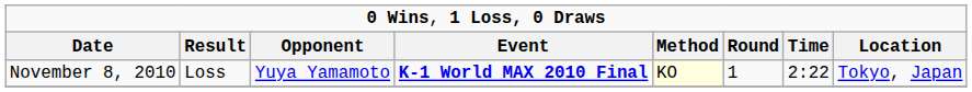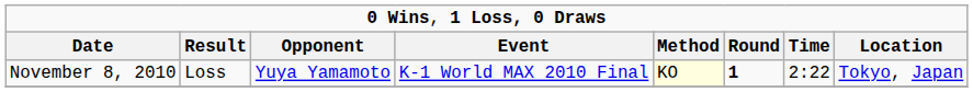 <table class="wikitable" style="margin:0.5em auto; font-size:85%">
 <tr>
 <td style="text-align: center" colspan=8><strong>0 Wins</strong>, <strong>1 Loss, 0 Draws</strong></td>
 </tr>
 <tr>
 <th>Date</th>
 <th>Result</th>
 <th>Opponent</th>
 <th>Event</th>
 <th>Method</th>
 <th>Round</th>
 <th>Time</th>
 <th>Location</th>
 </tr>
 <tr>
 <td>November 8, 2010</td>
 <td>Loss</td>
 <td> <a href='#'>Yuya Yamamoto</a></td>
-<td><strong><a href='#'>K-1 World MAX 2010 Final</a></strong></td>
+<td><a href='#'>K-1 World MAX 2010 Final</a></td>
 <td style="background: lightyellow;">KO</td>
-<td>1</td>
+<td><strong>1</strong></td>
 <td>2:22</td>
 <td> <a href='#'>Tokyo</a>, <a href='#'>Japan</a></td>
 </tr>
 <tr>
 </tr>
 </table>
